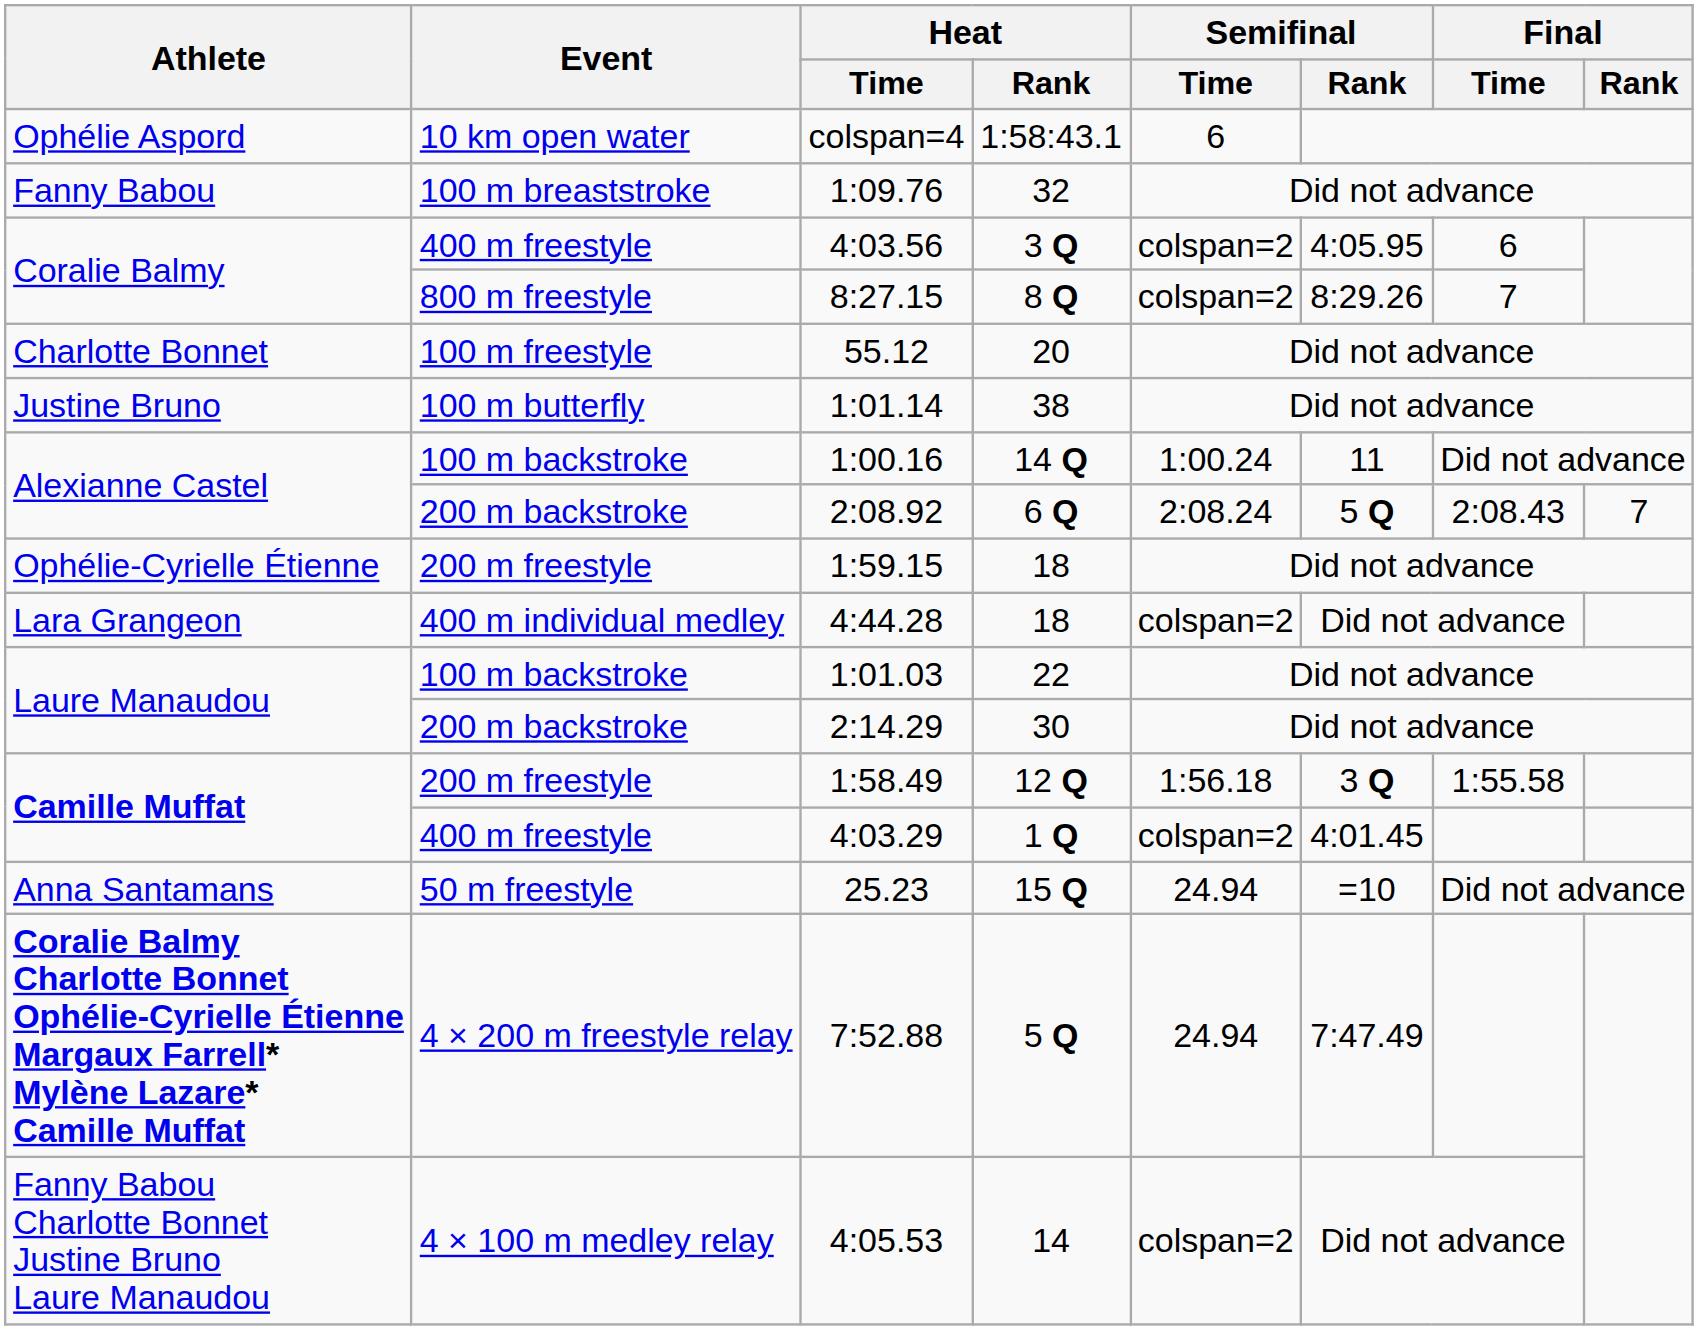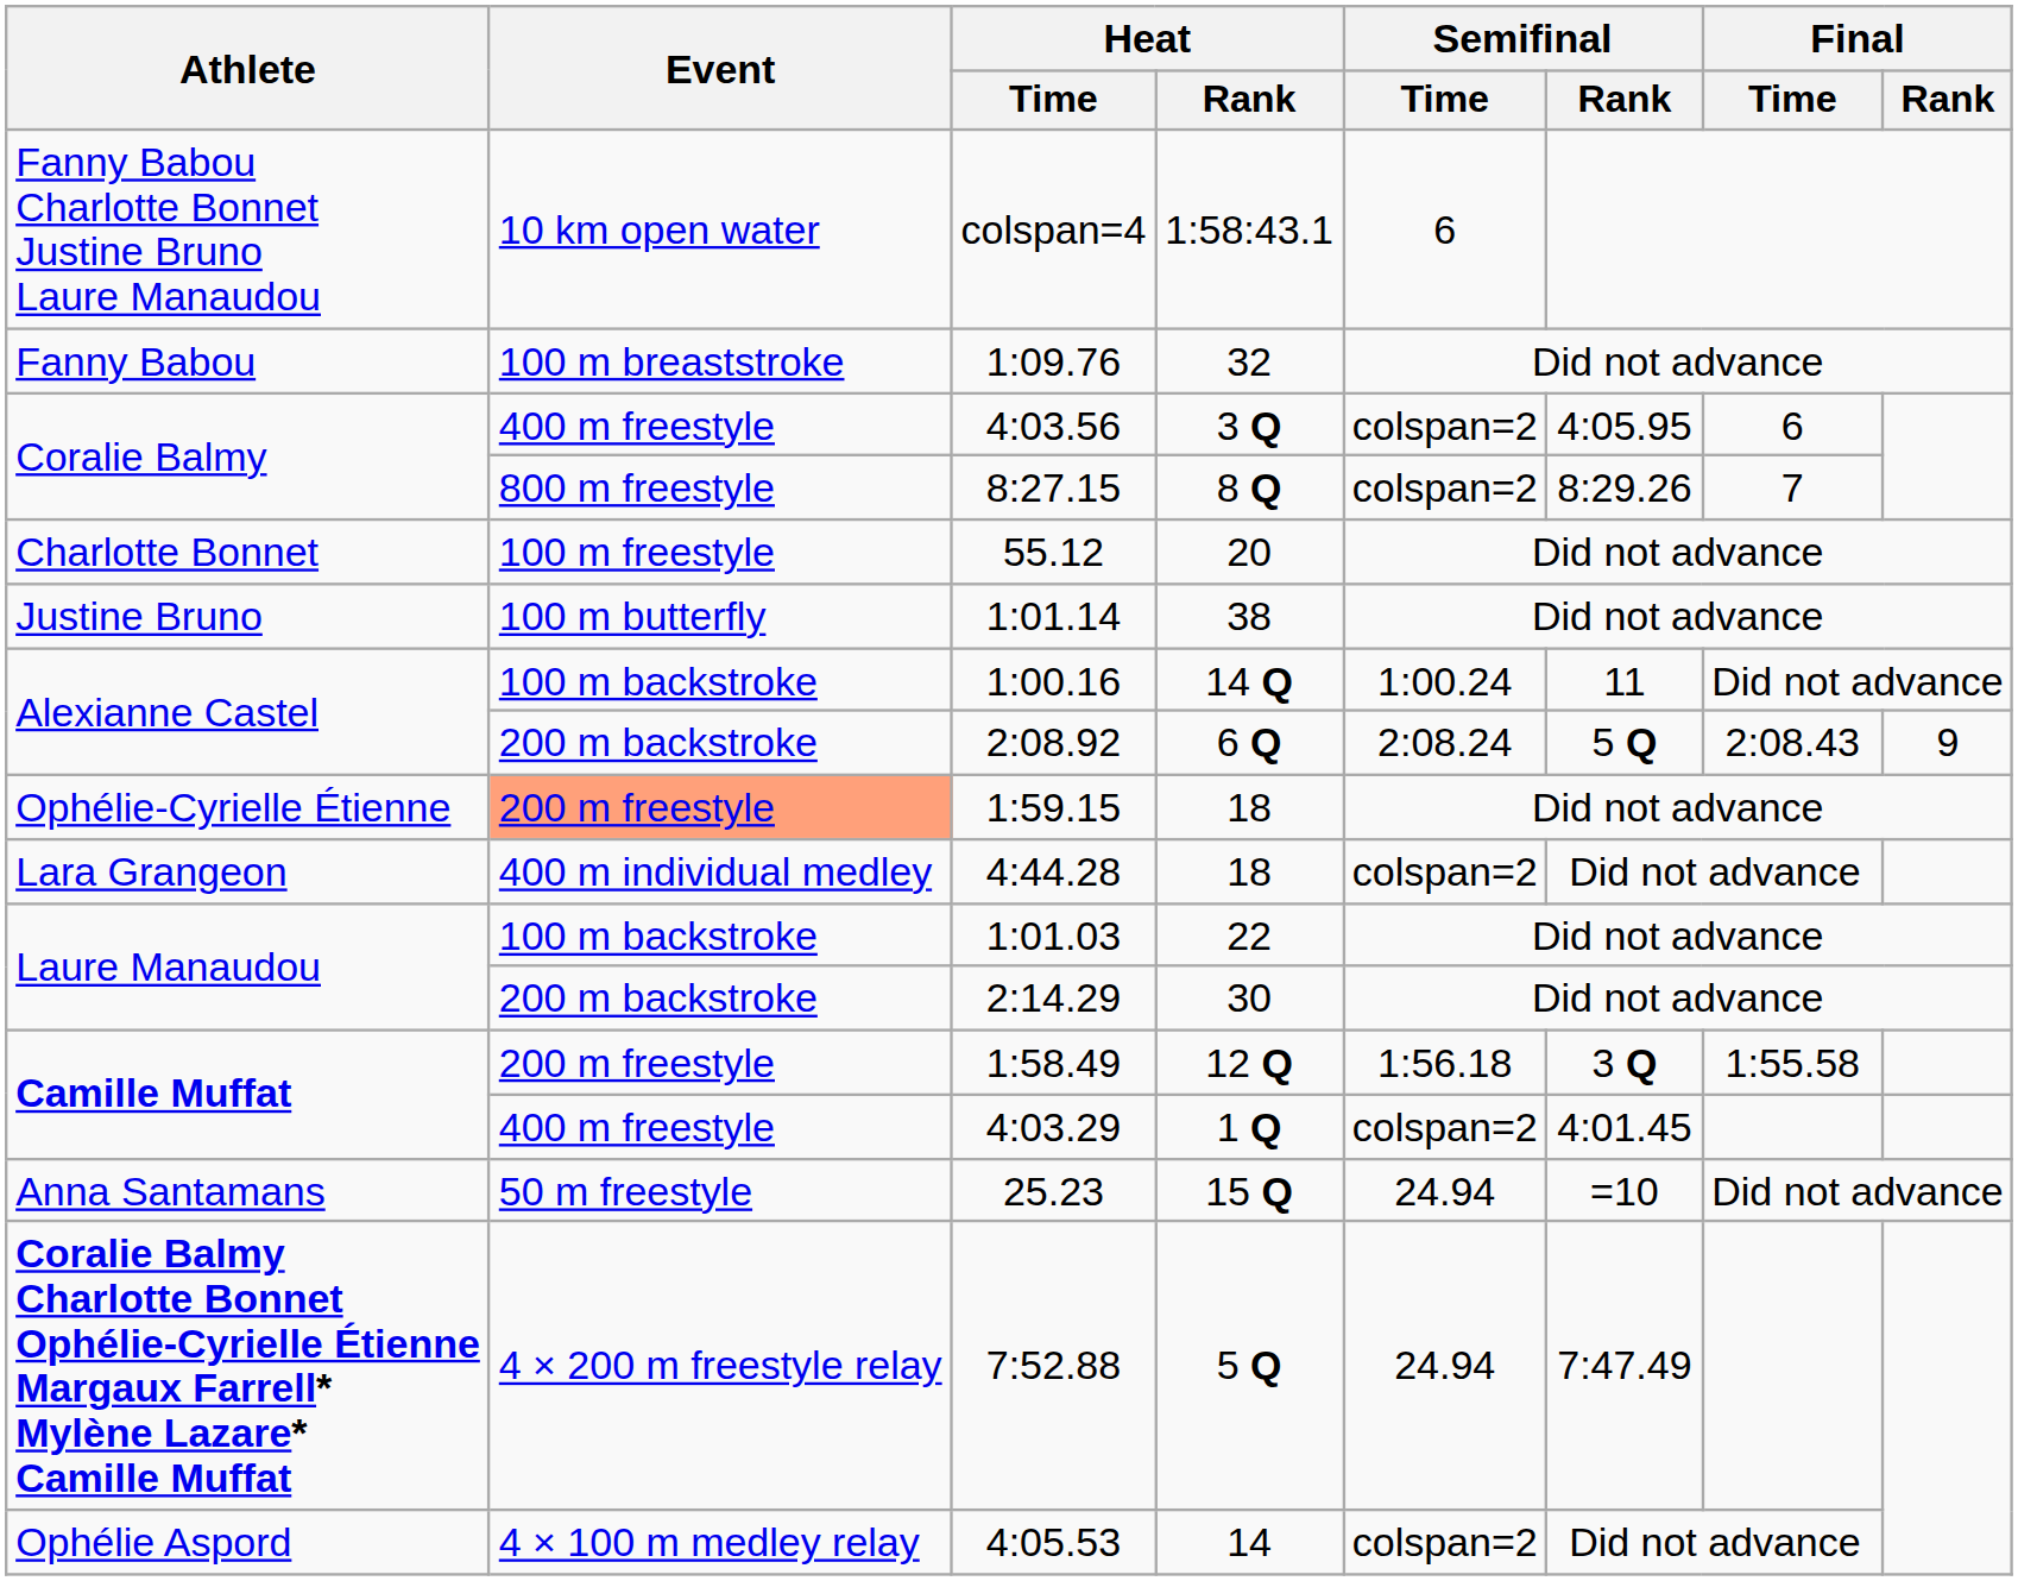 <table class=wikitable style="font-size:90%">
 <tr>
 <th rowspan="2">Athlete</th>
 <th rowspan="2">Event</th>
 <th colspan="2">Heat</th>
 <th colspan="2">Semifinal</th>
 <th colspan="2">Final</th>
 </tr>
 <tr style="font-size:95%">
 <th>Time</th>
 <th>Rank</th>
 <th>Time</th>
 <th>Rank</th>
 <th>Time</th>
 <th>Rank</th>
 </tr>
 <tr align=center>
-<td align=left><a href='#'>Ophélie Aspord</a></td>
+<td align=left><a href='#'>Fanny Babou</a><br><a href='#'>Charlotte Bonnet</a><br><a href='#'>Justine Bruno</a><br><a href='#'>Laure Manaudou</a></td>
 <td align=left><a href='#'>10 km open water</a></td>
 <td>colspan=4 </td>
 <td>1:58:43.1</td>
 <td>6</td>
 </tr>
 <tr align=center>
 <td align=left><a href='#'>Fanny Babou</a></td>
 <td align=left><a href='#'>100 m breaststroke</a></td>
 <td>1:09.76</td>
 <td>32</td>
 <td colspan=4>Did not advance</td>
 </tr>
 <tr align=center>
 <td align=left rowspan=2><a href='#'>Coralie Balmy</a></td>
 <td align=left><a href='#'>400 m freestyle</a></td>
 <td>4:03.56</td>
 <td>3 <strong>Q</strong></td>
 <td>colspan=2 </td>
 <td>4:05.95</td>
 <td>6</td>
 </tr>
 <tr align=center>
 <td align=left><a href='#'>800 m freestyle</a></td>
 <td>8:27.15</td>
 <td>8 <strong>Q</strong></td>
 <td>colspan=2 </td>
 <td>8:29.26</td>
 <td>7</td>
 </tr>
 <tr align=center>
 <td align=left><a href='#'>Charlotte Bonnet</a></td>
 <td align=left><a href='#'>100 m freestyle</a></td>
 <td>55.12</td>
 <td>20</td>
 <td colspan=4>Did not advance</td>
 </tr>
 <tr align=center>
 <td align=left><a href='#'>Justine Bruno</a></td>
 <td align=left><a href='#'>100 m butterfly</a></td>
 <td>1:01.14</td>
 <td>38</td>
 <td colspan=4>Did not advance</td>
 </tr>
 <tr align=center>
 <td align=left rowspan=2><a href='#'>Alexianne Castel</a></td>
 <td align=left><a href='#'>100 m backstroke</a></td>
 <td>1:00.16</td>
 <td>14 <strong>Q</strong></td>
 <td>1:00.24</td>
 <td>11</td>
 <td colspan=2>Did not advance</td>
 </tr>
 <tr align=center>
 <td align=left><a href='#'>200 m backstroke</a></td>
 <td>2:08.92</td>
 <td>6 <strong>Q</strong></td>
 <td>2:08.24</td>
 <td>5 <strong>Q</strong></td>
 <td>2:08.43</td>
-<td>7</td>
+<td>9</td>
 </tr>
 <tr align=center>
 <td align=left><a href='#'>Ophélie-Cyrielle Étienne</a></td>
-<td align=left><a href='#'>200 m freestyle</a></td>
+<td align=left style="background: lightsalmon;"><a href='#'>200 m freestyle</a></td>
 <td>1:59.15</td>
 <td>18</td>
 <td colspan=4>Did not advance</td>
 </tr>
 <tr align=center>
 <td align=left><a href='#'>Lara Grangeon</a></td>
 <td align=left><a href='#'>400 m individual medley</a></td>
 <td>4:44.28</td>
 <td>18</td>
 <td>colspan=2 </td>
 <td colspan=2>Did not advance</td>
 </tr>
 <tr align=center>
 <td align=left rowspan=2><a href='#'>Laure Manaudou</a></td>
 <td align=left><a href='#'>100 m backstroke</a></td>
 <td>1:01.03</td>
 <td>22</td>
 <td colspan=4>Did not advance</td>
 </tr>
 <tr align=center>
 <td align=left><a href='#'>200 m backstroke</a></td>
 <td>2:14.29</td>
 <td>30</td>
 <td colspan=4>Did not advance</td>
 </tr>
 <tr align=center>
 <td align=left rowspan=2><strong><a href='#'>Camille Muffat</a></strong></td>
 <td align=left><a href='#'>200 m freestyle</a></td>
 <td>1:58.49</td>
 <td>12 <strong>Q</strong></td>
 <td>1:56.18</td>
 <td>3 <strong>Q</strong></td>
 <td>1:55.58</td>
 <td></td>
 </tr>
 <tr align=center>
 <td align=left><a href='#'>400 m freestyle</a></td>
 <td>4:03.29</td>
 <td>1 <strong>Q</strong></td>
 <td>colspan=2 </td>
 <td>4:01.45 </td>
 <td></td>
 </tr>
 <tr align=center>
 <td align=left><a href='#'>Anna Santamans</a></td>
 <td align=left><a href='#'>50 m freestyle</a></td>
 <td>25.23</td>
 <td>15 <strong>Q</strong></td>
 <td>24.94</td>
 <td>=10</td>
 <td colspan=2>Did not advance</td>
 </tr>
 <tr align=center>
 <td align=left><strong><a href='#'>Coralie Balmy</a><br><a href='#'>Charlotte Bonnet</a><br><a href='#'>Ophélie-Cyrielle Étienne</a><br><a href='#'>Margaux Farrell</a>*<br><a href='#'>Mylène Lazare</a>*<br><a href='#'>Camille Muffat</a></strong></td>
 <td align=left><a href='#'>4 × 200 m freestyle relay</a></td>
 <td>7:52.88</td>
 <td>5 <strong>Q</strong></td>
 <td>24.94</td>
 <td>7:47.49</td>
 <td></td>
 </tr>
 <tr align=center>
-<td align=left><a href='#'>Fanny Babou</a><br><a href='#'>Charlotte Bonnet</a><br><a href='#'>Justine Bruno</a><br><a href='#'>Laure Manaudou</a></td>
+<td align=left><a href='#'>Ophélie Aspord</a></td>
 <td align=left><a href='#'>4 × 100 m medley relay</a></td>
 <td>4:05.53</td>
 <td>14</td>
 <td>colspan=2 </td>
 <td colspan=2>Did not advance</td>
 </tr>
 </table>
